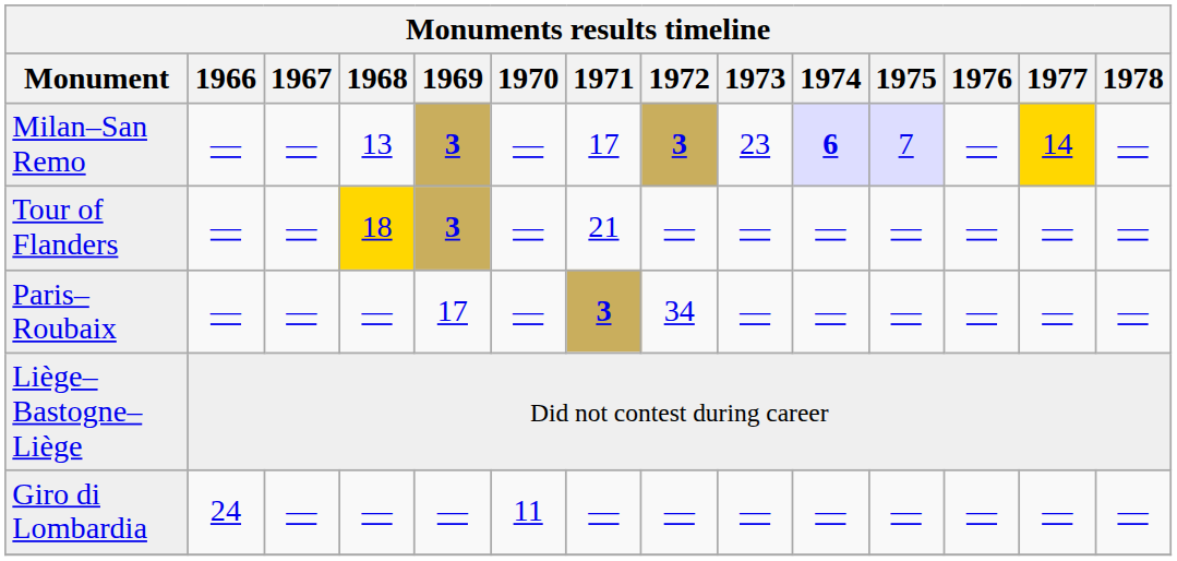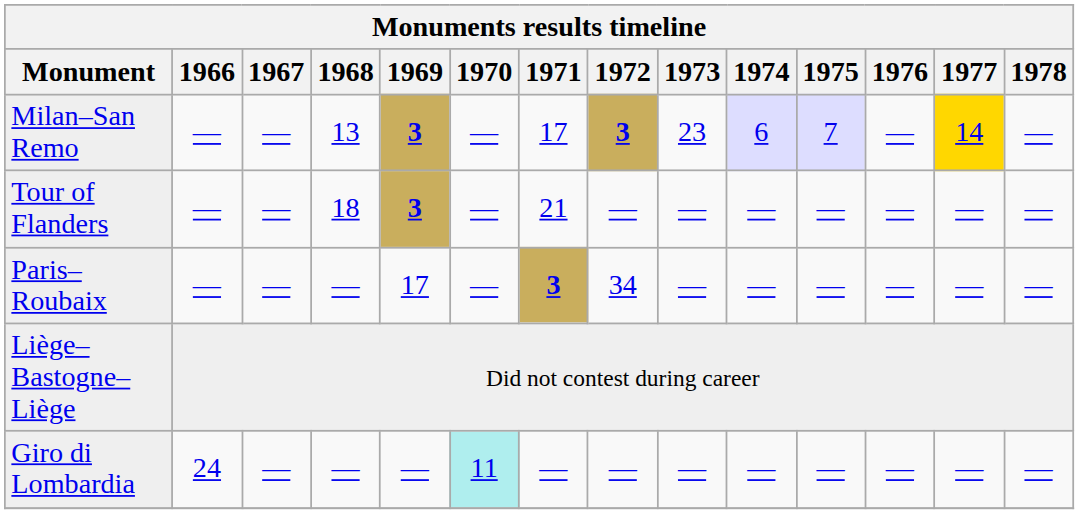 <table class="wikitable">
 <tr>
 <th scope="col" colspan=19 align=center>Monuments results timeline</th>
 </tr>
 <tr>
 <th>Monument</th>
 <th scope="col">1966</th>
 <th scope="col">1967</th>
 <th scope="col">1968</th>
 <th scope="col">1969</th>
 <th scope="col">1970</th>
 <th scope="col">1971</th>
 <th scope="col">1972</th>
 <th scope="col">1973</th>
 <th scope="col">1974</th>
 <th scope="col">1975</th>
 <th scope="col">1976</th>
 <th scope="col">1977</th>
 <th scope="col">1978</th>
 </tr>
 <tr style="text-align:center;">
 <td style="text-align:left; background:#efefef;"><a href='#'>Milan–San Remo</a></td>
 <td><a href='#'>—</a></td>
 <td><a href='#'>—</a></td>
 <td><a href='#'>13</a></td>
 <td style="background:#C9AE5D;"><a href='#'><strong>3</strong></a></td>
 <td><a href='#'>—</a></td>
 <td><a href='#'>17</a></td>
 <td style="background:#C9AE5D;"><a href='#'><strong>3</strong></a></td>
 <td><a href='#'>23</a></td>
-<td style="background:#ddddff;"><strong><a href='#'>6</a></strong></td>
+<td style="background:#ddddff;"><a href='#'>6</a></td>
 <td style="background:#ddddff;"><a href='#'>7</a></td>
 <td><a href='#'>—</a></td>
 <td style="background: gold;"><a href='#'>14</a></td>
 <td><a href='#'>—</a></td>
 </tr>
 <tr style="text-align:center;">
 <td style="text-align:left; background:#efefef;"><a href='#'>Tour of Flanders</a></td>
 <td><a href='#'>—</a></td>
 <td><a href='#'>—</a></td>
-<td style="background: gold;"><a href='#'>18</a></td>
+<td><a href='#'>18</a></td>
 <td style="background:#C9AE5D;"><a href='#'><strong>3</strong></a></td>
 <td><a href='#'>—</a></td>
 <td><a href='#'>21</a></td>
 <td><a href='#'>—</a></td>
 <td><a href='#'>—</a></td>
 <td><a href='#'>—</a></td>
 <td><a href='#'>—</a></td>
 <td><a href='#'>—</a></td>
 <td><a href='#'>—</a></td>
 <td><a href='#'>—</a></td>
 </tr>
 <tr style="text-align:center;">
 <td style="text-align:left; background:#efefef;"><a href='#'>Paris–Roubaix</a></td>
 <td><a href='#'>—</a></td>
 <td><a href='#'>—</a></td>
 <td><a href='#'>—</a></td>
 <td><a href='#'>17</a></td>
 <td><a href='#'>—</a></td>
 <td style="background:#C9AE5D;"><a href='#'><strong>3</strong></a></td>
 <td><a href='#'>34</a></td>
 <td><a href='#'>—</a></td>
 <td><a href='#'>—</a></td>
 <td><a href='#'>—</a></td>
 <td><a href='#'>—</a></td>
 <td><a href='#'>—</a></td>
 <td><a href='#'>—</a></td>
 </tr>
 <tr style="text-align:center;">
 <td style="text-align:left; background:#efefef;"><a href='#'>Liège–Bastogne–Liège</a></td>
 <td style="text-align:center; background:#efefef;" colspan=13><small>Did not contest during career</small></td>
 </tr>
 <tr style="text-align:center;">
 <td style="text-align:left; background:#efefef;"><a href='#'>Giro di Lombardia</a></td>
 <td><a href='#'>24</a></td>
 <td><a href='#'>—</a></td>
 <td><a href='#'>—</a></td>
 <td><a href='#'>—</a></td>
-<td><a href='#'>11</a></td>
+<td style="background: paleturquoise;"><a href='#'>11</a></td>
 <td><a href='#'>—</a></td>
 <td><a href='#'>—</a></td>
 <td><a href='#'>—</a></td>
 <td><a href='#'>—</a></td>
 <td><a href='#'>—</a></td>
 <td><a href='#'>—</a></td>
 <td><a href='#'>—</a></td>
 <td><a href='#'>—</a></td>
 </tr>
 <tr>
 </tr>
 </table>
